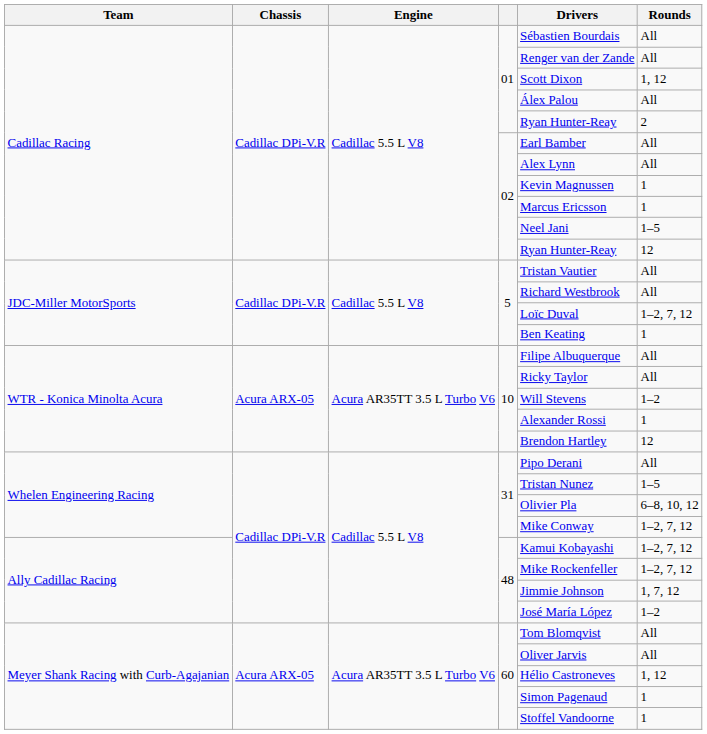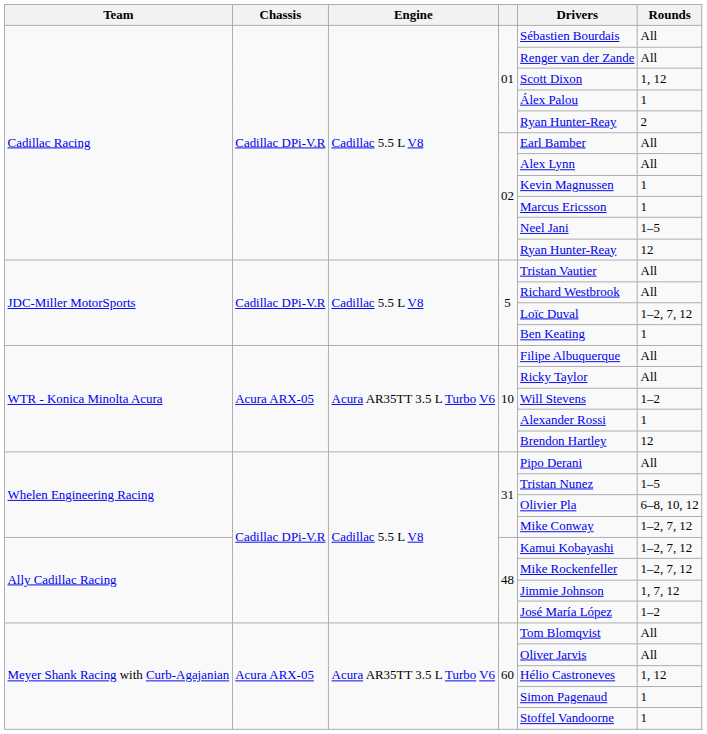 <table class="wikitable" style="font-size: 85%">
 <tr>
 <th>Team</th>
 <th>Chassis</th>
 <th>Engine</th>
 <th></th>
 <th>Drivers</th>
 <th>Rounds</th>
 </tr>
 <tr>
 <td rowspan="11"> <a href='#'>Cadillac Racing</a></td>
 <td rowspan="11"><a href='#'>Cadillac DPi-V.R</a></td>
 <td rowspan="11"><a href='#'>Cadillac</a> 5.5 L <a href='#'>V8</a></td>
 <td align="center" rowspan=5>01</td>
 <td> <a href='#'>Sébastien Bourdais</a></td>
 <td>All</td>
 </tr>
 <tr>
 <td> <a href='#'>Renger van der Zande</a></td>
 <td>All</td>
 </tr>
 <tr>
 <td> <a href='#'>Scott Dixon</a></td>
 <td>1, 12</td>
 </tr>
 <tr>
 <td> <a href='#'>Álex Palou</a></td>
-<td>All</td>
+<td>1</td>
 </tr>
 <tr>
 <td> <a href='#'>Ryan Hunter-Reay</a></td>
 <td>2</td>
 </tr>
 <tr>
 <td rowspan="6" align="center">02</td>
 <td> <a href='#'>Earl Bamber</a></td>
 <td>All</td>
 </tr>
 <tr>
 <td> <a href='#'>Alex Lynn</a></td>
 <td>All</td>
 </tr>
 <tr>
 <td> <a href='#'>Kevin Magnussen</a></td>
 <td>1</td>
 </tr>
 <tr>
 <td> <a href='#'>Marcus Ericsson</a></td>
 <td>1</td>
 </tr>
 <tr>
 <td> <a href='#'>Neel Jani</a></td>
 <td>1–5</td>
 </tr>
 <tr>
 <td> <a href='#'>Ryan Hunter-Reay</a></td>
 <td>12</td>
 </tr>
 <tr>
 <td rowspan="4"> <a href='#'>JDC-Miller MotorSports</a></td>
 <td rowspan="4"><a href='#'>Cadillac DPi-V.R</a></td>
 <td rowspan="4"><a href='#'>Cadillac</a> 5.5 L <a href='#'>V8</a></td>
 <td align="center" rowspan=4>5</td>
 <td> <a href='#'>Tristan Vautier</a></td>
 <td>All</td>
 </tr>
 <tr>
 <td> <a href='#'>Richard Westbrook</a></td>
 <td>All</td>
 </tr>
 <tr>
 <td> <a href='#'>Loïc Duval</a></td>
 <td>1–2, 7, 12</td>
 </tr>
 <tr>
 <td> <a href='#'>Ben Keating</a></td>
 <td>1</td>
 </tr>
 <tr>
 <td rowspan="5"> <a href='#'>WTR - Konica Minolta Acura</a></td>
 <td rowspan="5"><a href='#'>Acura ARX-05</a></td>
 <td rowspan="5"><a href='#'>Acura</a> AR35TT 3.5 L <a href='#'>Turbo</a> <a href='#'>V6</a></td>
 <td align="center" rowspan=5>10</td>
 <td> <a href='#'>Filipe Albuquerque</a></td>
 <td>All</td>
 </tr>
 <tr>
 <td> <a href='#'>Ricky Taylor</a></td>
 <td>All</td>
 </tr>
 <tr>
 <td> <a href='#'>Will Stevens</a></td>
 <td>1–2</td>
 </tr>
 <tr>
 <td> <a href='#'>Alexander Rossi</a></td>
 <td>1</td>
 </tr>
 <tr>
 <td> <a href='#'>Brendon Hartley</a></td>
 <td>12</td>
 </tr>
 <tr>
 <td rowspan="4"> <a href='#'>Whelen Engineering Racing</a></td>
 <td rowspan="8"><a href='#'>Cadillac DPi-V.R</a></td>
 <td rowspan="8"><a href='#'>Cadillac</a> 5.5 L <a href='#'>V8</a></td>
 <td align="center" rowspan=4>31</td>
 <td> <a href='#'>Pipo Derani</a></td>
 <td>All</td>
 </tr>
 <tr>
 <td> <a href='#'>Tristan Nunez</a></td>
 <td>1–5</td>
 </tr>
 <tr>
 <td> <a href='#'>Olivier Pla</a></td>
 <td>6–8, 10, 12</td>
 </tr>
 <tr>
 <td> <a href='#'>Mike Conway</a></td>
 <td>1–2, 7, 12</td>
 </tr>
 <tr>
 <td rowspan="4"> <a href='#'>Ally Cadillac Racing</a></td>
 <td rowspan="4" align="center">48</td>
 <td> <a href='#'>Kamui Kobayashi</a></td>
 <td>1–2, 7, 12</td>
 </tr>
 <tr>
 <td> <a href='#'>Mike Rockenfeller</a></td>
 <td>1–2, 7, 12</td>
 </tr>
 <tr>
 <td> <a href='#'>Jimmie Johnson</a></td>
 <td>1, 7, 12</td>
 </tr>
 <tr>
 <td> <a href='#'>José María López</a></td>
 <td>1–2</td>
 </tr>
 <tr>
 <td rowspan="5"> <a href='#'>Meyer Shank Racing</a> with <a href='#'>Curb-Agajanian</a></td>
 <td rowspan="5"><a href='#'>Acura ARX-05</a></td>
 <td rowspan="5"><a href='#'>Acura</a> AR35TT 3.5 L <a href='#'>Turbo</a> <a href='#'>V6</a></td>
 <td rowspan="5" align="center">60</td>
 <td> <a href='#'>Tom Blomqvist</a></td>
 <td>All</td>
 </tr>
 <tr>
 <td> <a href='#'>Oliver Jarvis</a></td>
 <td>All</td>
 </tr>
 <tr>
 <td> <a href='#'>Hélio Castroneves</a></td>
 <td>1, 12</td>
 </tr>
 <tr>
 <td> <a href='#'>Simon Pagenaud</a></td>
 <td>1</td>
 </tr>
 <tr>
 <td> <a href='#'>Stoffel Vandoorne</a></td>
 <td>1</td>
 </tr>
 </table>
